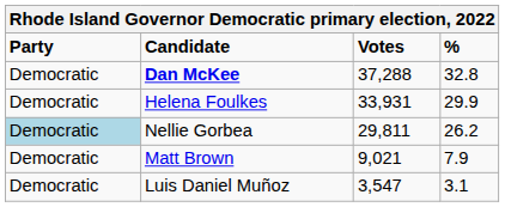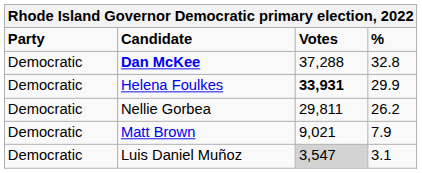 <table class="wikitable">
 <tr>
 <th colspan="4">Rhode Island Governor Democratic primary election, 2022</th>
 </tr>
 <tr>
 <td><strong>Party</strong></td>
 <td><strong>Candidate</strong></td>
 <td><strong>Votes</strong></td>
 <td><strong>%</strong></td>
 </tr>
 <tr>
 <td>Democratic</td>
 <td><strong><a href='#'>Dan McKee</a></strong></td>
 <td>37,288</td>
 <td>32.8</td>
 </tr>
 <tr>
 <td>Democratic</td>
 <td><a href='#'>Helena Foulkes</a></td>
-<td>33,931</td>
+<td><strong>33,931</strong></td>
 <td>29.9</td>
 </tr>
 <tr>
-<td style="background: lightblue;">Democratic</td>
+<td>Democratic</td>
 <td>Nellie Gorbea</td>
 <td>29,811</td>
 <td>26.2</td>
 </tr>
 <tr>
 <td>Democratic</td>
 <td><a href='#'>Matt Brown</a></td>
 <td>9,021</td>
 <td>7.9</td>
 </tr>
 <tr>
 <td>Democratic</td>
 <td>Luis Daniel Muñoz</td>
-<td>3,547</td>
+<td style="background: lightgrey;">3,547</td>
 <td>3.1</td>
 </tr>
 </table>
